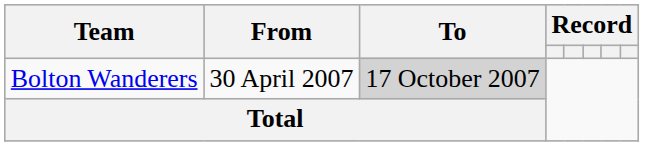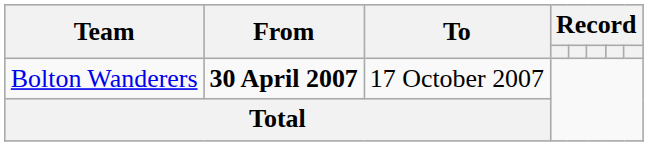 <table class=wikitable style="text-align: center">
 <tr>
 <th rowspan=2>Team</th>
 <th rowspan=2>From</th>
 <th rowspan=2>To</th>
 <th colspan=5>Record</th>
 </tr>
 <tr>
 <th></th>
 <th></th>
 <th></th>
 <th></th>
 <th></th>
 </tr>
 <tr>
 <td align=left><a href='#'>Bolton Wanderers</a></td>
-<td align=left>30 April 2007</td>
-<td align=left style="background: lightgrey;">17 October 2007<br></td>
+<td align=left><strong>30 April 2007</strong></td>
+<td align=left>17 October 2007<br></td>
 </tr>
 <tr>
 <th colspan=3>Total<br></th>
 </tr>
 </table>
